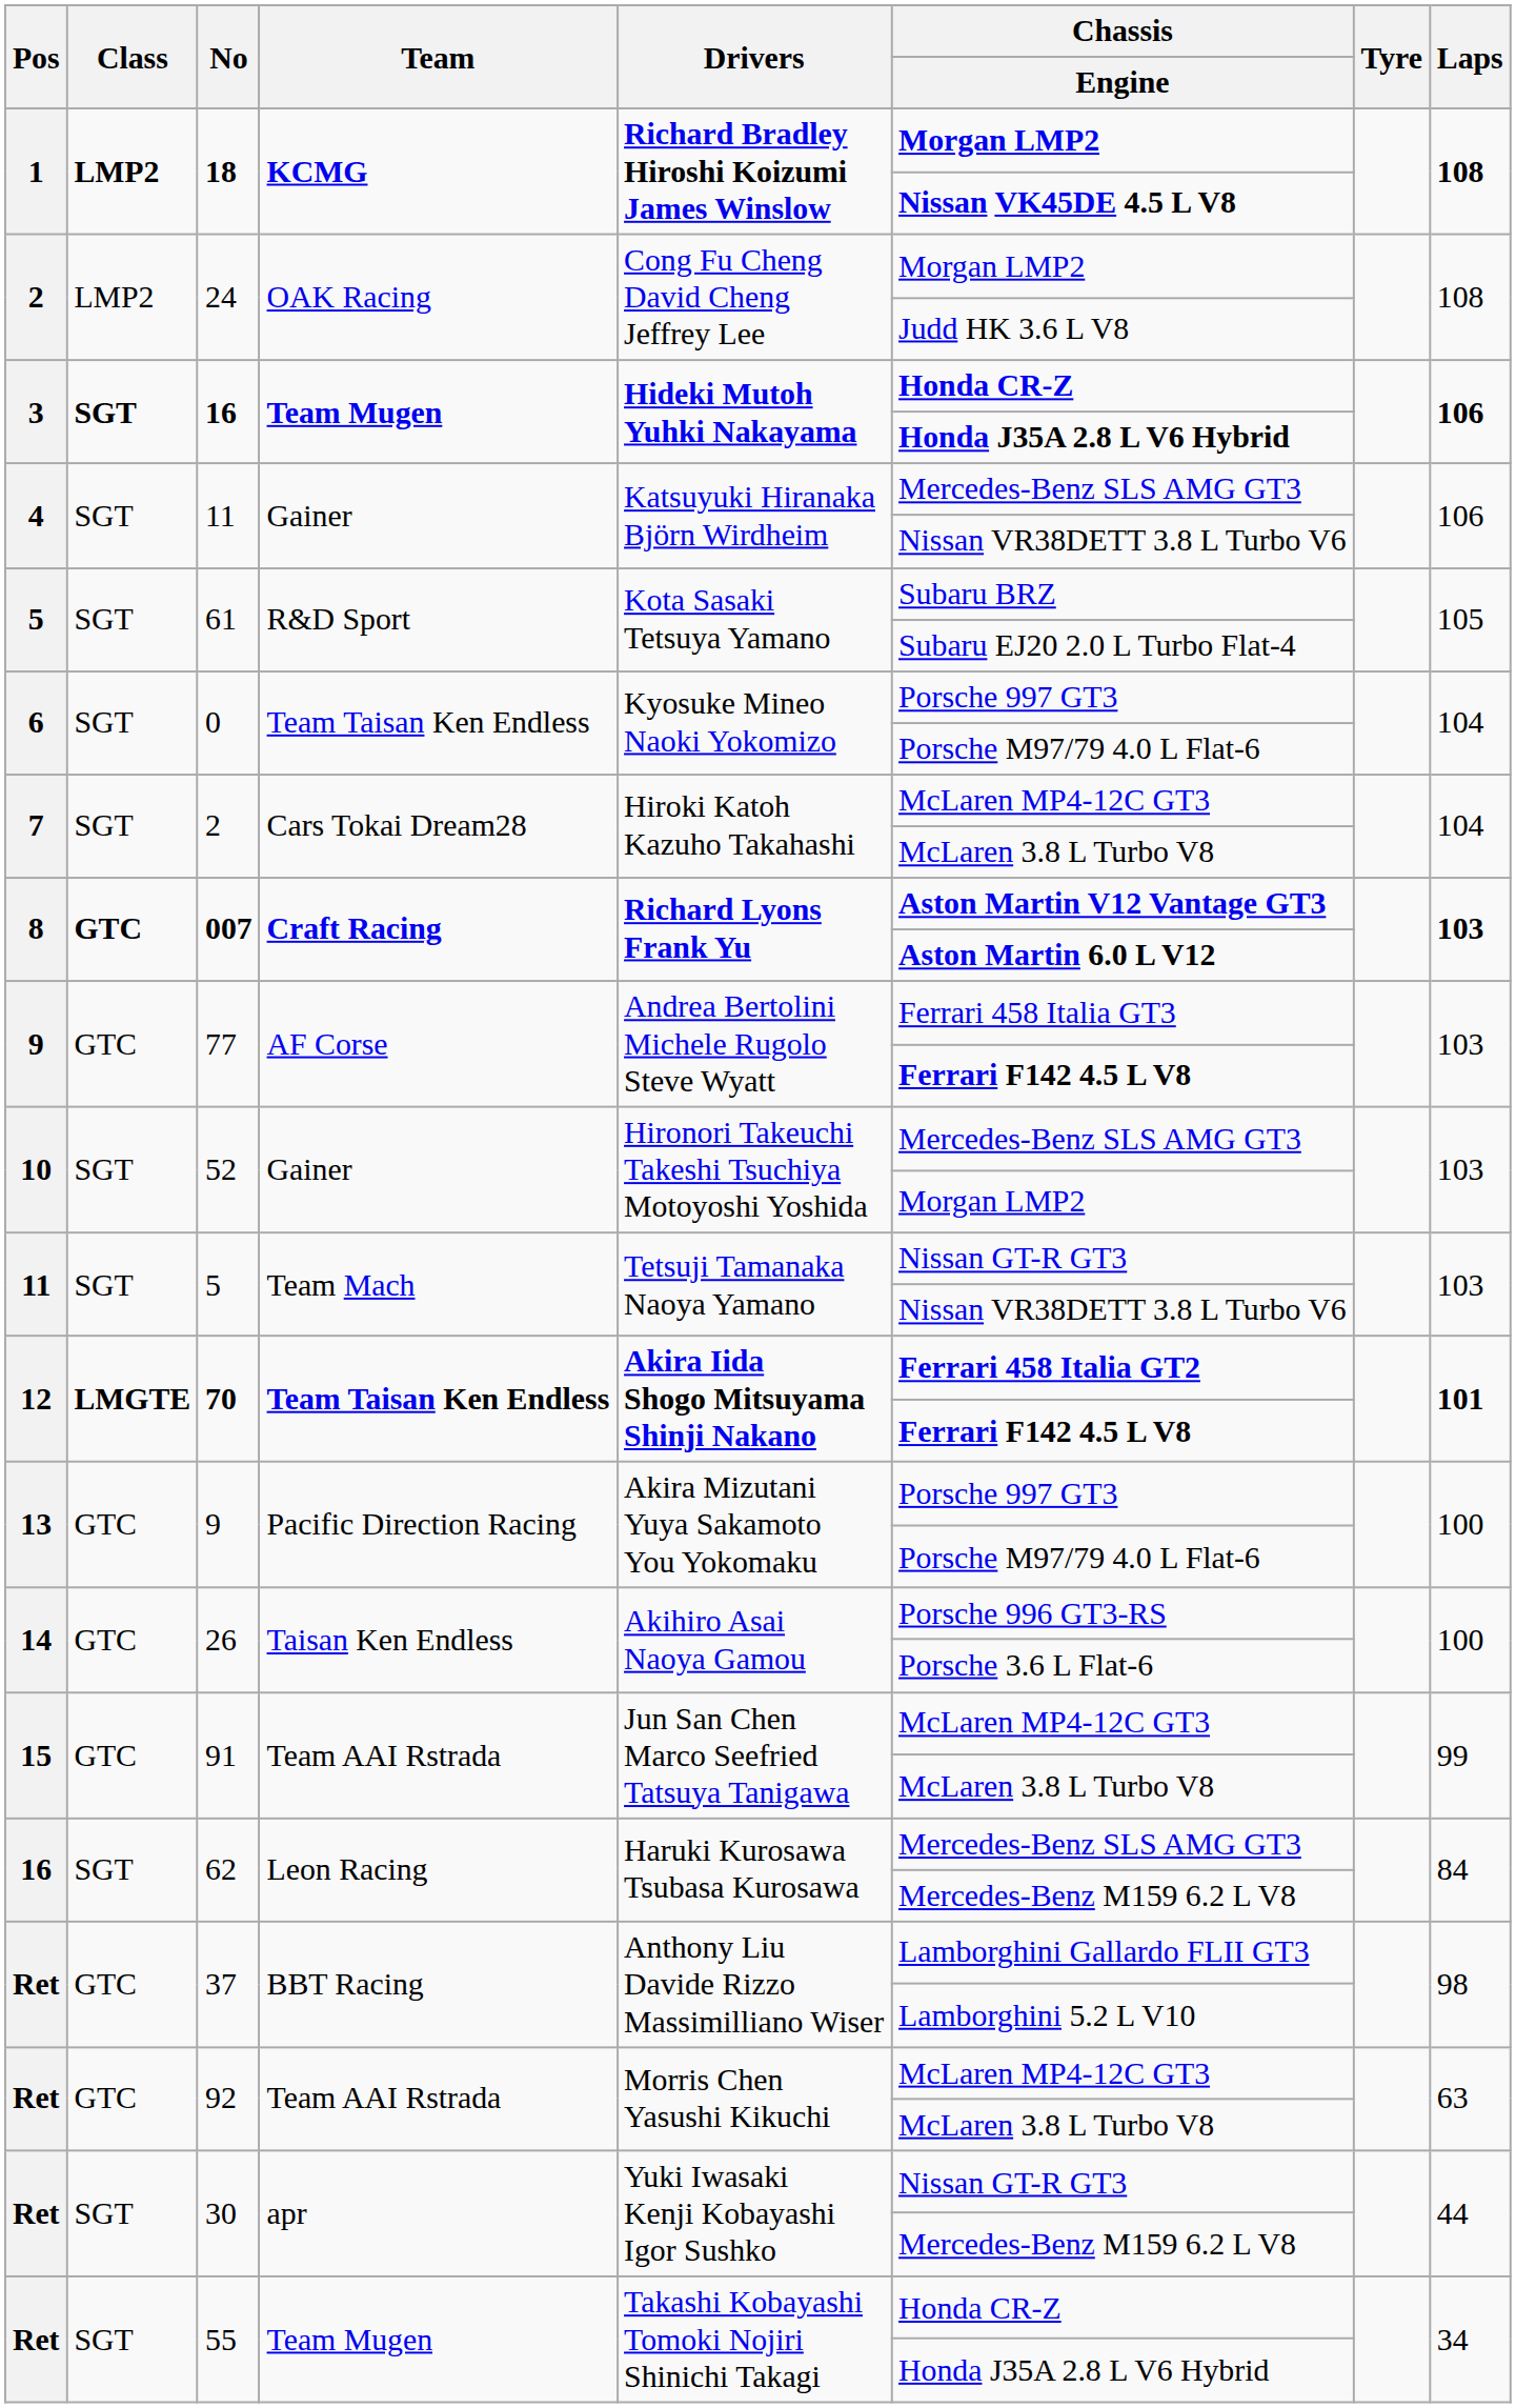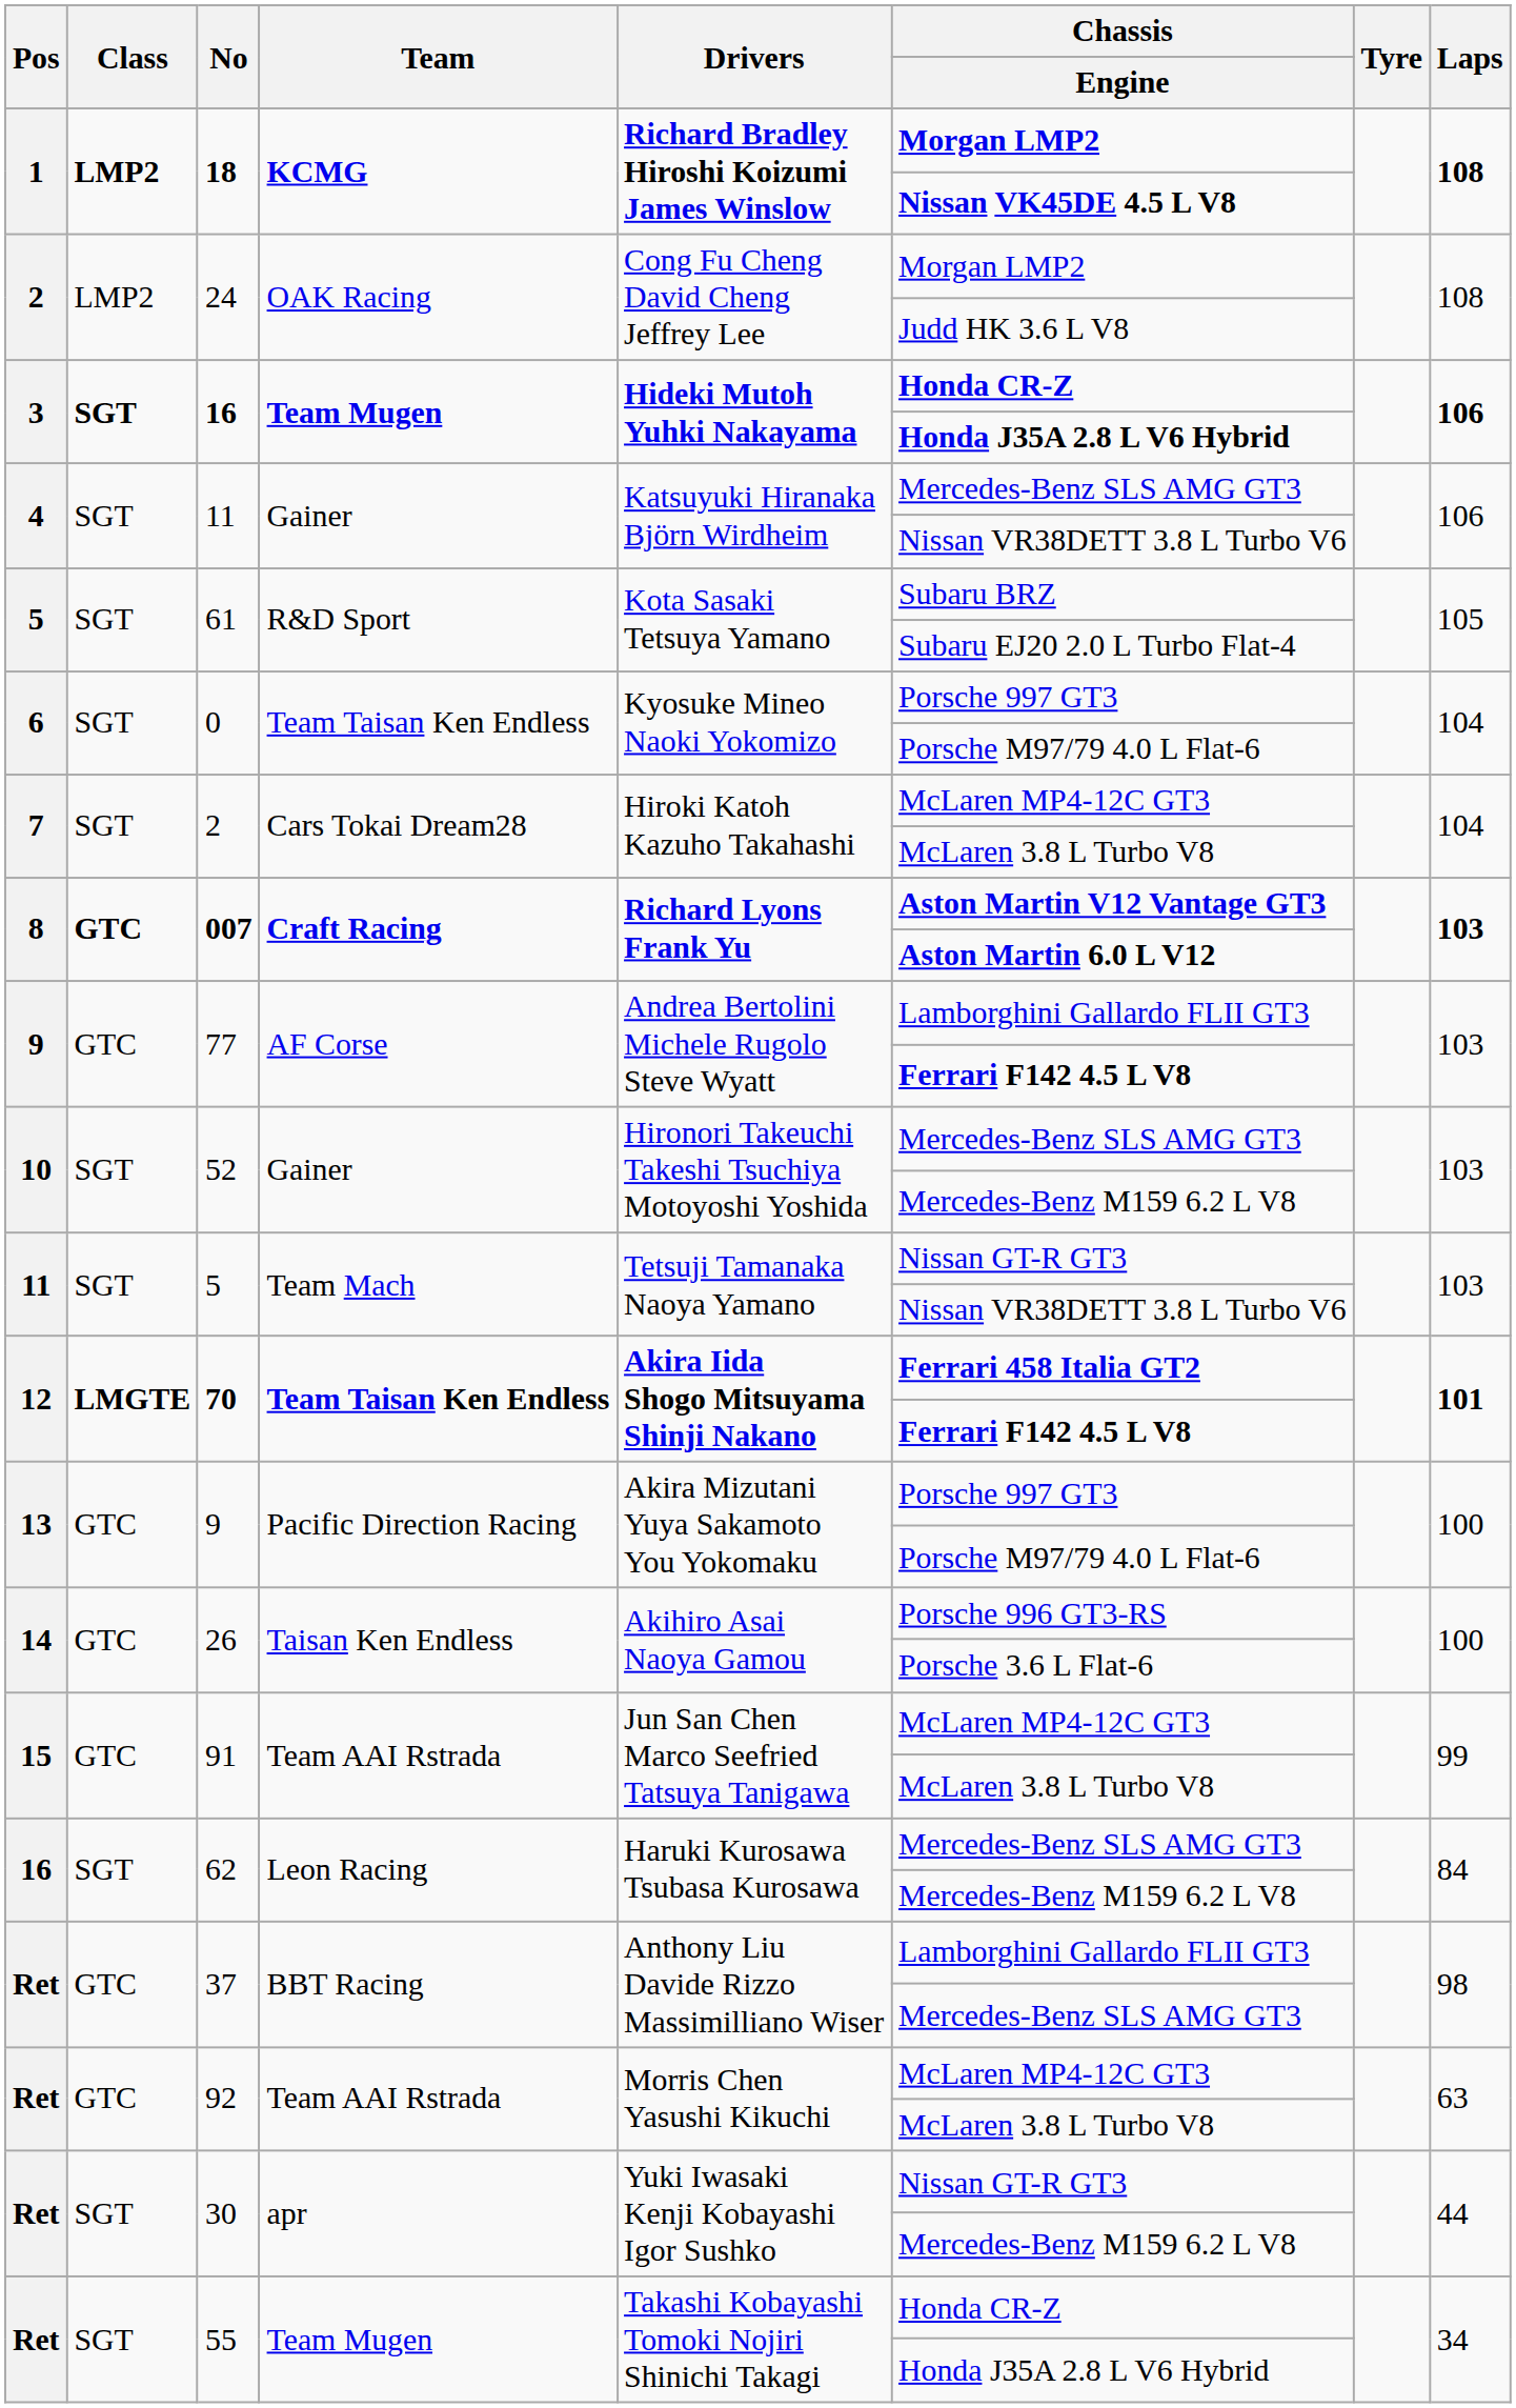 <table class="wikitable" style="font-size: 95%;">
 <tr>
 <th rowspan=2>Pos</th>
 <th rowspan=2>Class</th>
 <th rowspan=2>No</th>
 <th rowspan=2>Team</th>
 <th rowspan=2>Drivers</th>
 <th>Chassis</th>
 <th rowspan=2>Tyre</th>
 <th rowspan=2>Laps</th>
 </tr>
 <tr>
 <th>Engine</th>
 </tr>
 <tr style="font-weight:bold">
 <th rowspan=2>1</th>
 <td rowspan=2>LMP2</td>
 <td rowspan=2>18</td>
 <td rowspan=2> <a href='#'>KCMG</a></td>
 <td rowspan=2> <a href='#'>Richard Bradley</a><br> Hiroshi Koizumi<br> <a href='#'>James Winslow</a></td>
 <td><a href='#'>Morgan LMP2</a></td>
 <td rowspan=2></td>
 <td rowspan=2>108</td>
 </tr>
 <tr style="font-weight:bold">
 <td><a href='#'>Nissan</a> <a href='#'>VK45DE</a> 4.5 L V8</td>
 </tr>
 <tr>
 <th rowspan=2>2</th>
 <td rowspan=2>LMP2</td>
 <td rowspan=2>24</td>
 <td rowspan=2> <a href='#'>OAK Racing</a></td>
 <td rowspan=2> <a href='#'>Cong Fu Cheng</a><br> <a href='#'>David Cheng</a><br> Jeffrey Lee</td>
 <td><a href='#'>Morgan LMP2</a></td>
 <td rowspan=2></td>
 <td rowspan=2>108</td>
 </tr>
 <tr>
 <td><a href='#'>Judd</a> HK 3.6 L V8</td>
 </tr>
 <tr style="font-weight:bold">
 <th rowspan=2>3</th>
 <td rowspan=2>SGT</td>
 <td rowspan=2>16</td>
 <td rowspan=2> <a href='#'>Team Mugen</a></td>
 <td rowspan=2> <a href='#'>Hideki Mutoh</a><br> <a href='#'>Yuhki Nakayama</a></td>
 <td><a href='#'>Honda CR-Z</a></td>
 <td rowspan=2></td>
 <td rowspan=2>106</td>
 </tr>
 <tr style="font-weight:bold">
 <td><a href='#'>Honda</a> J35A 2.8 L V6 Hybrid</td>
 </tr>
 <tr>
 <th rowspan=2>4</th>
 <td rowspan=2>SGT</td>
 <td rowspan=2>11</td>
 <td rowspan=2> Gainer</td>
 <td rowspan=2> <a href='#'>Katsuyuki Hiranaka</a><br> <a href='#'>Björn Wirdheim</a></td>
 <td><a href='#'>Mercedes-Benz SLS AMG GT3</a></td>
 <td rowspan=2></td>
 <td rowspan=2>106</td>
 </tr>
 <tr>
 <td><a href='#'>Nissan</a> VR38DETT 3.8 L Turbo V6</td>
 </tr>
 <tr>
 <th rowspan=2>5</th>
 <td rowspan=2>SGT</td>
 <td rowspan=2>61</td>
 <td rowspan=2> R&D Sport</td>
 <td rowspan=2> <a href='#'>Kota Sasaki</a><br> Tetsuya Yamano</td>
 <td><a href='#'>Subaru BRZ</a></td>
 <td rowspan=2></td>
 <td rowspan=2>105</td>
 </tr>
 <tr>
 <td><a href='#'>Subaru</a> EJ20 2.0 L Turbo Flat-4</td>
 </tr>
 <tr>
 <th rowspan=2>6</th>
 <td rowspan=2>SGT</td>
 <td rowspan=2>0</td>
 <td rowspan=2> <a href='#'>Team Taisan</a> Ken Endless</td>
 <td rowspan=2> Kyosuke Mineo<br> <a href='#'>Naoki Yokomizo</a></td>
 <td><a href='#'>Porsche 997 GT3</a></td>
 <td rowspan=2></td>
 <td rowspan=2>104</td>
 </tr>
 <tr>
 <td><a href='#'>Porsche</a> M97/79 4.0 L Flat-6</td>
 </tr>
 <tr>
 <th rowspan=2>7</th>
 <td rowspan=2>SGT</td>
 <td rowspan=2>2</td>
 <td rowspan=2> Cars Tokai Dream28</td>
 <td rowspan=2> Hiroki Katoh<br> Kazuho Takahashi</td>
 <td><a href='#'>McLaren MP4-12C GT3</a></td>
 <td rowspan=2></td>
 <td rowspan=2>104</td>
 </tr>
 <tr>
 <td><a href='#'>McLaren</a> 3.8 L Turbo V8</td>
 </tr>
 <tr style="font-weight:bold">
 <th rowspan=2>8</th>
 <td rowspan=2>GTC</td>
 <td rowspan=2>007</td>
 <td rowspan=2> <a href='#'>Craft Racing</a></td>
 <td rowspan=2> <a href='#'>Richard Lyons</a><br> <a href='#'>Frank Yu</a></td>
 <td><a href='#'>Aston Martin V12 Vantage GT3</a></td>
 <td rowspan=2></td>
 <td rowspan=2>103</td>
 </tr>
 <tr style="font-weight:bold">
 <td><a href='#'>Aston Martin</a> 6.0 L V12</td>
 </tr>
 <tr>
 <th rowspan=2>9</th>
 <td rowspan=2>GTC</td>
 <td rowspan=2>77</td>
 <td rowspan=2> <a href='#'>AF Corse</a></td>
 <td rowspan=2> <a href='#'>Andrea Bertolini</a><br> <a href='#'>Michele Rugolo</a><br> Steve Wyatt</td>
-<td><a href='#'>Ferrari 458 Italia GT3</a></td>
+<td><a href='#'>Lamborghini Gallardo FLII GT3</a></td>
 <td rowspan=2></td>
 <td rowspan=2>103</td>
 </tr>
 <tr style="font-weight:bold">
 <td><a href='#'>Ferrari</a> F142 4.5 L V8</td>
 </tr>
 <tr>
 <th rowspan=2>10</th>
 <td rowspan=2>SGT</td>
 <td rowspan=2>52</td>
 <td rowspan=2> Gainer</td>
 <td rowspan=2> <a href='#'>Hironori Takeuchi</a><br> <a href='#'>Takeshi Tsuchiya</a><br> Motoyoshi Yoshida</td>
 <td><a href='#'>Mercedes-Benz SLS AMG GT3</a></td>
 <td rowspan=2></td>
 <td rowspan=2>103</td>
 </tr>
 <tr>
-<td><a href='#'>Morgan LMP2</a></td>
+<td><a href='#'>Mercedes-Benz</a> M159 6.2 L V8</td>
 </tr>
 <tr>
 <th rowspan=2>11</th>
 <td rowspan=2>SGT</td>
 <td rowspan=2>5</td>
 <td rowspan=2> Team <a href='#'>Mach</a></td>
 <td rowspan=2> <a href='#'>Tetsuji Tamanaka</a><br> Naoya Yamano</td>
 <td><a href='#'>Nissan GT-R GT3</a></td>
 <td rowspan=2></td>
 <td rowspan=2>103</td>
 </tr>
 <tr>
 <td><a href='#'>Nissan</a> VR38DETT 3.8 L Turbo V6</td>
 </tr>
 <tr style="font-weight:bold">
 <th rowspan=2>12</th>
 <td rowspan=2>LMGTE</td>
 <td rowspan=2>70</td>
 <td rowspan=2> <a href='#'>Team Taisan</a> Ken Endless</td>
 <td rowspan=2> <a href='#'>Akira Iida</a><br> Shogo Mitsuyama<br> <a href='#'>Shinji Nakano</a></td>
 <td><a href='#'>Ferrari 458 Italia GT2</a></td>
 <td rowspan=2></td>
 <td rowspan=2>101</td>
 </tr>
 <tr style="font-weight:bold">
 <td><a href='#'>Ferrari</a> F142 4.5 L V8</td>
 </tr>
 <tr>
 <th rowspan=2>13</th>
 <td rowspan=2>GTC</td>
 <td rowspan=2>9</td>
 <td rowspan=2> Pacific Direction Racing</td>
 <td rowspan=2> Akira Mizutani<br> Yuya Sakamoto<br> You Yokomaku</td>
 <td><a href='#'>Porsche 997 GT3</a></td>
 <td rowspan=2></td>
 <td rowspan=2>100</td>
 </tr>
 <tr>
 <td><a href='#'>Porsche</a> M97/79 4.0 L Flat-6</td>
 </tr>
 <tr>
 <th rowspan=2>14</th>
 <td rowspan=2>GTC</td>
 <td rowspan=2>26</td>
 <td rowspan=2> <a href='#'>Taisan</a> Ken Endless</td>
 <td rowspan=2> <a href='#'>Akihiro Asai</a><br> <a href='#'>Naoya Gamou</a></td>
 <td><a href='#'>Porsche 996 GT3-RS</a></td>
 <td rowspan=2></td>
 <td rowspan=2>100</td>
 </tr>
 <tr>
 <td><a href='#'>Porsche</a> 3.6 L Flat-6</td>
 </tr>
 <tr>
 <th rowspan=2>15</th>
 <td rowspan=2>GTC</td>
 <td rowspan=2>91</td>
 <td rowspan=2> Team AAI Rstrada</td>
 <td rowspan=2> Jun San Chen<br> Marco Seefried<br> <a href='#'>Tatsuya Tanigawa</a></td>
 <td><a href='#'>McLaren MP4-12C GT3</a></td>
 <td rowspan=2></td>
 <td rowspan=2>99</td>
 </tr>
 <tr>
 <td><a href='#'>McLaren</a> 3.8 L Turbo V8</td>
 </tr>
 <tr>
 <th rowspan=2>16</th>
 <td rowspan=2>SGT</td>
 <td rowspan=2>62</td>
 <td rowspan=2> Leon Racing</td>
 <td rowspan=2> Haruki Kurosawa<br> Tsubasa Kurosawa</td>
 <td><a href='#'>Mercedes-Benz SLS AMG GT3</a></td>
 <td rowspan=2></td>
 <td rowspan=2>84</td>
 </tr>
 <tr>
 <td><a href='#'>Mercedes-Benz</a> M159 6.2 L V8</td>
 </tr>
 <tr>
 <th rowspan=2>Ret</th>
 <td rowspan=2>GTC</td>
 <td rowspan=2>37</td>
 <td rowspan=2> BBT Racing</td>
 <td rowspan=2> Anthony Liu<br> Davide Rizzo<br> Massimilliano Wiser</td>
 <td><a href='#'>Lamborghini Gallardo FLII GT3</a></td>
 <td rowspan=2></td>
 <td rowspan=2>98</td>
 </tr>
 <tr>
-<td><a href='#'>Lamborghini</a> 5.2 L V10</td>
+<td><a href='#'>Mercedes-Benz SLS AMG GT3</a></td>
 </tr>
 <tr>
 <th rowspan=2>Ret</th>
 <td rowspan=2>GTC</td>
 <td rowspan=2>92</td>
 <td rowspan=2> Team AAI Rstrada</td>
 <td rowspan=2> Morris Chen<br> Yasushi Kikuchi</td>
 <td><a href='#'>McLaren MP4-12C GT3</a></td>
 <td rowspan=2></td>
 <td rowspan=2>63</td>
 </tr>
 <tr>
 <td><a href='#'>McLaren</a> 3.8 L Turbo V8</td>
 </tr>
 <tr>
 <th rowspan=2>Ret</th>
 <td rowspan=2>SGT</td>
 <td rowspan=2>30</td>
 <td rowspan=2> apr</td>
 <td rowspan=2> Yuki Iwasaki<br> Kenji Kobayashi<br> Igor Sushko</td>
 <td><a href='#'>Nissan GT-R GT3</a></td>
 <td rowspan=2></td>
 <td rowspan=2>44</td>
 </tr>
 <tr>
 <td><a href='#'>Mercedes-Benz</a> M159 6.2 L V8</td>
 </tr>
 <tr>
 <th rowspan=2>Ret</th>
 <td rowspan=2>SGT</td>
 <td rowspan=2>55</td>
 <td rowspan=2> <a href='#'>Team Mugen</a></td>
 <td rowspan=2> <a href='#'>Takashi Kobayashi</a><br> <a href='#'>Tomoki Nojiri</a><br> Shinichi Takagi</td>
 <td><a href='#'>Honda CR-Z</a></td>
 <td rowspan=2></td>
 <td rowspan=2>34</td>
 </tr>
 <tr>
 <td><a href='#'>Honda</a> J35A 2.8 L V6 Hybrid</td>
 </tr>
 </table>
